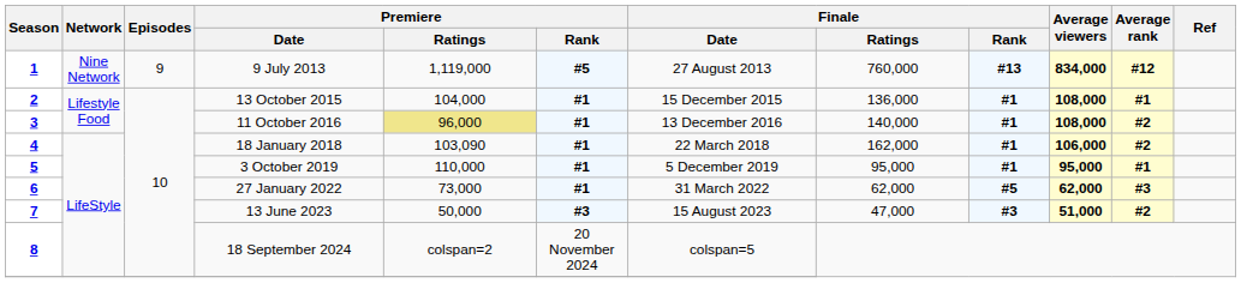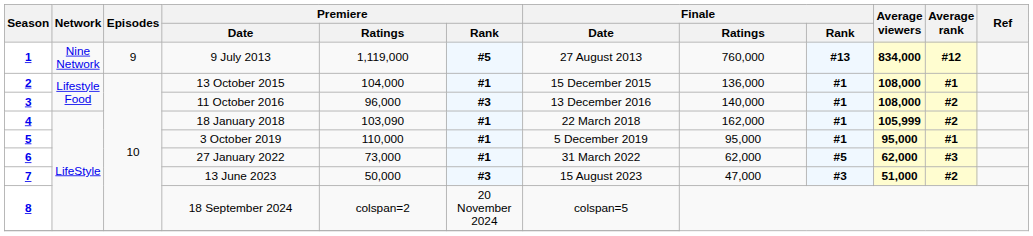 <table class="wikitable" style="text-align: center; font-size:90%;">
 <tr style="background:#DCDCDC;">
 <th scope="col" rowspan="2" style="width:3%;" style="width:10em;" style="background:lightgrey; color:black;">Season</th>
 <th scope="col" rowspan="2" style="width:3%;" style="width:10em;" style="background:lightgrey; color:black;">Network</th>
 <th scope="col" rowspan="2" style="width:3%;" style="width:10em;" style="background:lightgrey; color:black;">Episodes</th>
 <th scope="colgroup" colspan="3" style="width:10em;" style="background:lightgrey; color:black;">Premiere</th>
 <th scope="colgroup" colspan="3" style="width:10em;" style="background:lightgrey; color:black;">Finale</th>
 <th scope="col" rowspan="2" style="width:5%;" style="width:10em;" style="background:lightgrey; color:black;">Average viewers</th>
 <th scope="col" rowspan="2" style="width:5%;" style="width:10em;" style="background:lightgrey; color:black;">Average rank</th>
 <th scope="col" rowspan="2" style="width:5%;" style="width:10em;" style="background:lightgrey; color:black;">Ref</th>
 </tr>
 <tr>
 <th scope="col" style="width:10em;" style="background:lightgrey; color:black;">Date</th>
 <th scope="col" style="width:8em;" style="background:lightgrey; color:black;">Ratings</th>
 <th scope="col" style="width:4em;" style="background:lightgrey; color:black;">Rank</th>
 <th scope="col" style="width:10em;" style="background:lightgrey; color:black;">Date</th>
 <th scope="col" style="width:8em;" style="background:lightgrey; color:black;">Ratings</th>
 <th scope="col" style="width:4em;" style="background:lightgrey; color:black;">Rank</th>
 </tr>
 <tr>
 <th scope="row" style="background:white;"><a href='#'>1</a></th>
 <td><a href='#'>Nine Network</a></td>
 <td>9</td>
 <td>9 July 2013</td>
 <td>1,119,000</td>
 <td style="background:#F0F8FF"><strong>#5</strong></td>
 <td>27 August 2013</td>
 <td>760,000</td>
 <td style="background:#F0F8FF"><strong>#13</strong></td>
 <td style="background:#FFFDD0"><strong>834,000</strong></td>
 <td style="background:#FFFDD0"><strong>#12</strong></td>
 <td></td>
 </tr>
 <tr>
 <th scope="row" style="background:white;"><a href='#'>2</a></th>
 <td rowspan="2"><a href='#'>Lifestyle Food</a></td>
 <td rowspan="7">10</td>
 <td>13 October 2015</td>
 <td>104,000</td>
 <td style="background:#F0F8FF"><strong>#1</strong></td>
 <td>15 December 2015</td>
 <td>136,000</td>
 <td style="background:#F0F8FF"><strong>#1</strong></td>
 <td style="background:#FFFDD0"><strong>108,000</strong></td>
 <td style="background:#FFFDD0"><strong>#1</strong></td>
 <td></td>
 </tr>
 <tr>
 <th scope="row" style="background:white;"><a href='#'>3</a></th>
 <td>11 October 2016</td>
-<td style="background: khaki;">96,000</td>
-<td style="background:#F0F8FF"><strong>#1</strong></td>
+<td>96,000</td>
+<td style="background:#F0F8FF"><strong>#3</strong></td>
 <td>13 December 2016</td>
 <td>140,000</td>
 <td style="background:#F0F8FF"><strong>#1</strong></td>
 <td style="background:#FFFDD0"><strong>108,000</strong></td>
 <td style="background:#FFFDD0"><strong>#2</strong></td>
 <td></td>
 </tr>
 <tr>
 <th scope="row" style="background:white;"><a href='#'>4</a></th>
 <td rowspan=5><a href='#'>LifeStyle</a></td>
 <td>18 January 2018</td>
 <td>103,090</td>
 <td style="background:#F0F8FF"><strong>#1</strong></td>
 <td>22 March 2018</td>
 <td>162,000</td>
 <td style="background:#F0F8FF"><strong>#1</strong></td>
-<td style="background:#FFFDD0"><strong>106,000</strong></td>
+<td style="background:#FFFDD0"><strong>105,999</strong></td>
 <td style="background:#FFFDD0"><strong>#2</strong></td>
 <td></td>
 </tr>
 <tr>
 <th scope="row" style="background:white;"><a href='#'>5</a></th>
 <td>3 October 2019</td>
 <td>110,000</td>
 <td style="background:#F0F8FF"><strong>#1</strong></td>
 <td>5 December 2019</td>
 <td>95,000</td>
 <td style="background:#F0F8FF"><strong>#1</strong></td>
 <td style="background:#FFFDD0"><strong>95,000</strong></td>
 <td style="background:#FFFDD0"><strong>#1</strong></td>
 <td></td>
 </tr>
 <tr>
 <th scope="row" style="background:white;"><a href='#'>6</a></th>
 <td>27 January 2022</td>
 <td>73,000</td>
 <td style="background:#F0F8FF"><strong>#1</strong></td>
 <td>31 March 2022</td>
 <td>62,000</td>
 <td style="background:#F0F8FF"><strong>#5</strong></td>
 <td style="background:#FFFDD0"><strong>62,000</strong></td>
 <td style="background:#FFFDD0"><strong>#3</strong></td>
 <td></td>
 </tr>
 <tr>
 <th scope="row" style="background:white;"><a href='#'>7</a></th>
 <td>13 June 2023</td>
 <td>50,000</td>
 <td style="background:#F0F8FF"><strong>#3</strong></td>
 <td>15 August 2023</td>
 <td>47,000</td>
 <td style="background:#F0F8FF"><strong>#3</strong></td>
 <td style="background:#FFFDD0"><strong>51,000</strong></td>
 <td style="background:#FFFDD0"><strong>#2</strong></td>
 <td></td>
 </tr>
 <tr>
 <th scope="row" style="background:white;"><a href='#'>8</a></th>
 <td>18 September 2024</td>
 <td>colspan=2 </td>
 <td>20 November 2024</td>
 <td>colspan=5 </td>
 </tr>
 <tr>
 </tr>
 </table>
